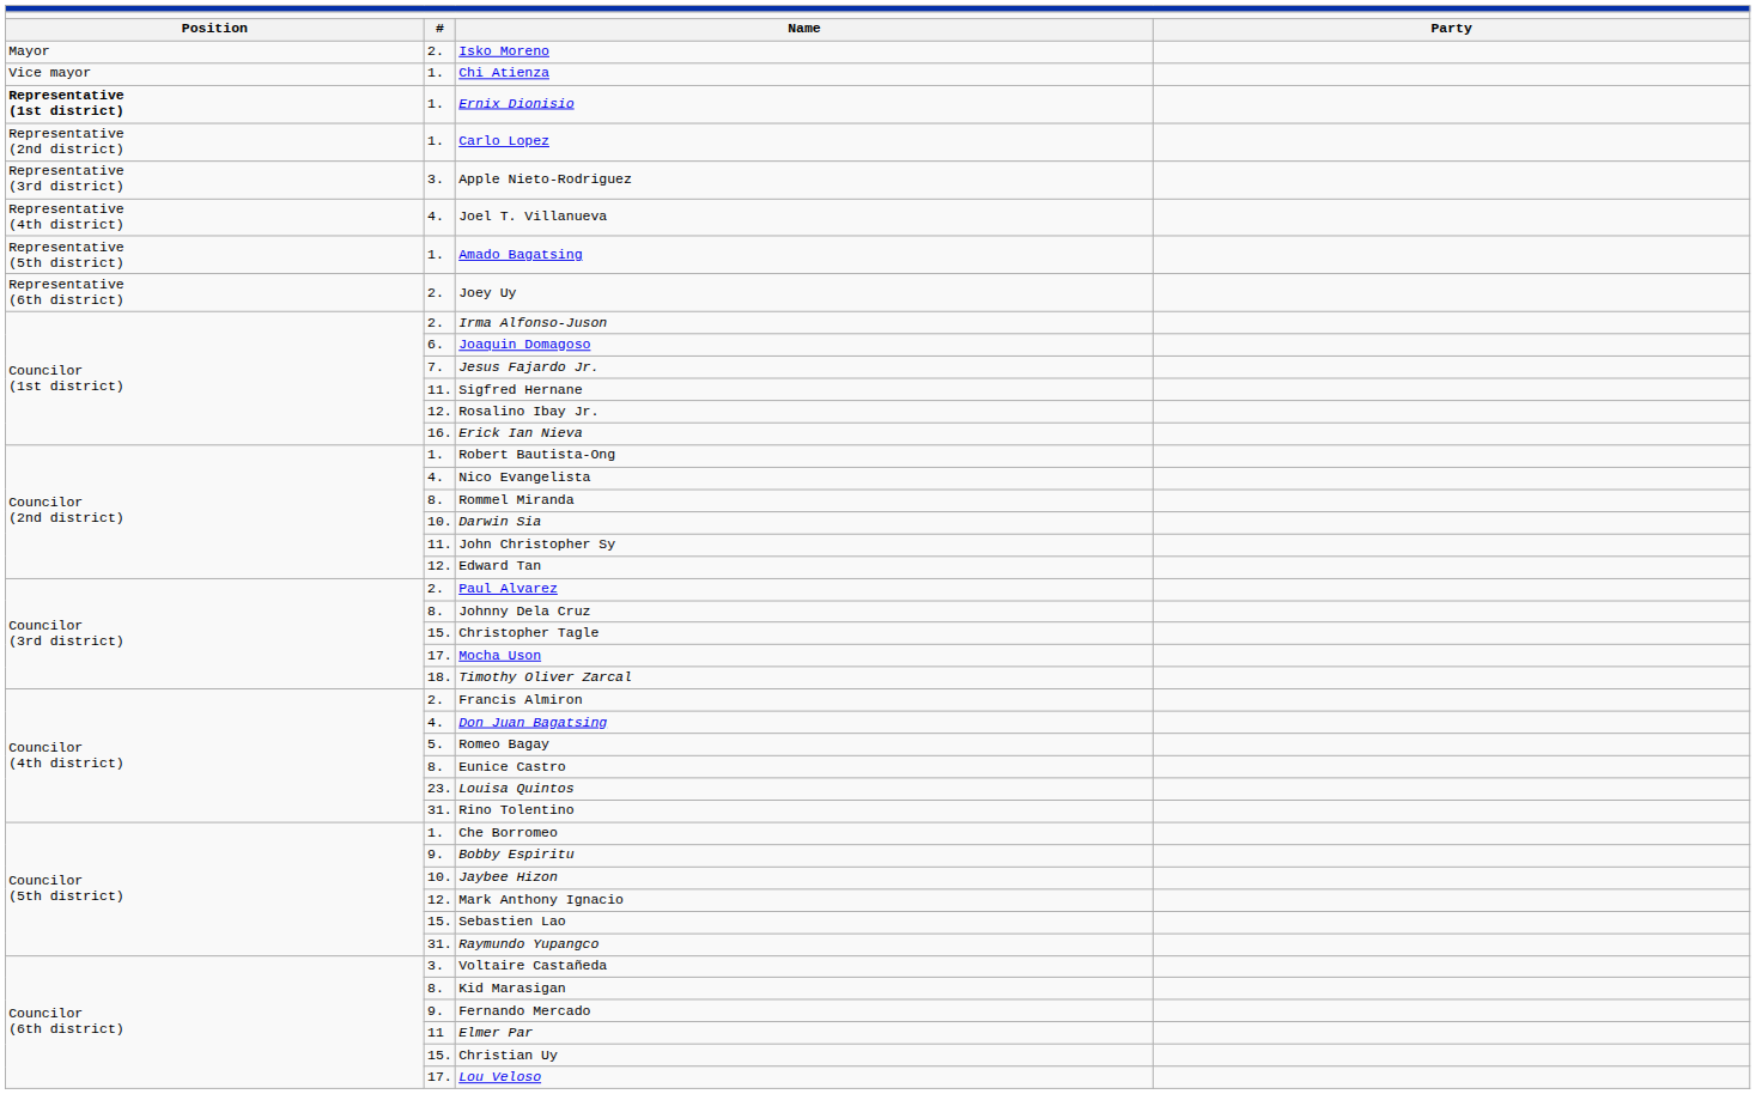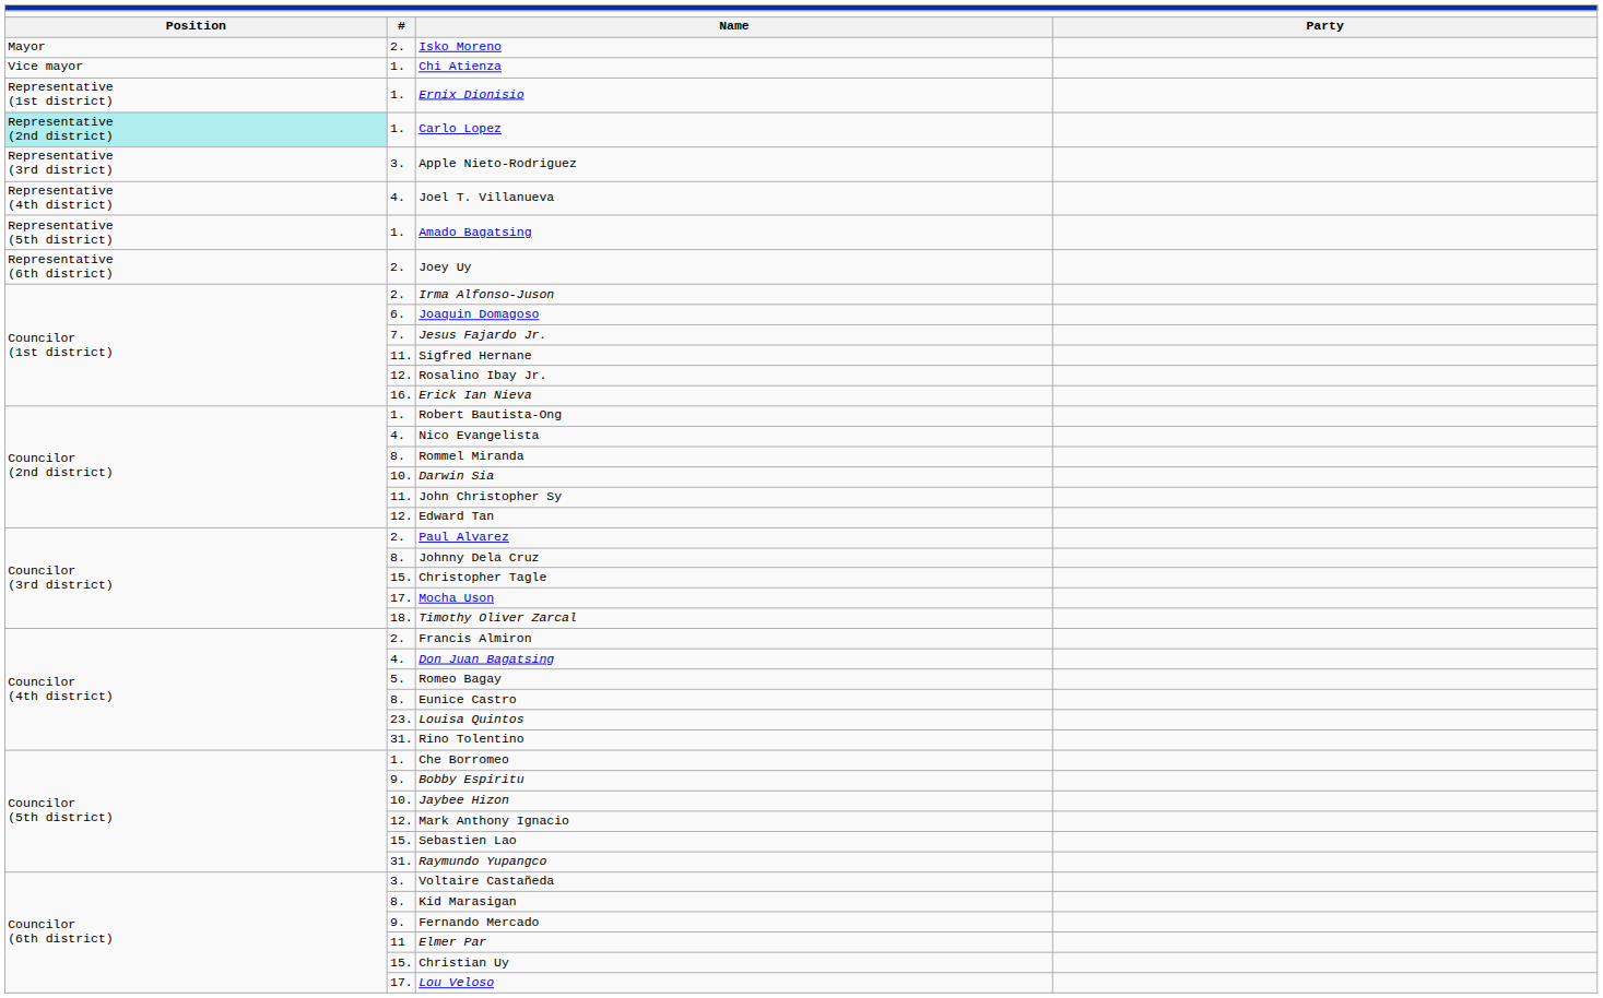 <table class=wikitable style="font-size:95%" width=99%>
 <tr>
 <td colspan="5" bgcolor="#0430a9"></td>
 </tr>
 <tr>
 <td colspan="5"></td>
 </tr>
 <tr>
 <th width=24%>Position</th>
 <th width=1%>#</th>
 <th width=40%>Name</th>
 <th colspan=2>Party</th>
 </tr>
 <tr>
 <td>Mayor</td>
 <td>2.</td>
 <td><a href='#'>Isko Moreno</a></td>
 <td></td>
 </tr>
 <tr>
 <td>Vice mayor</td>
 <td>1.</td>
 <td><a href='#'>Chi Atienza</a></td>
 <td></td>
 </tr>
 <tr>
-<td><strong>Representative<br>(1st district)</strong></td>
+<td>Representative<br>(1st district)</td>
 <td>1.</td>
 <td><em><a href='#'>Ernix Dionisio</a></em></td>
 <td></td>
 </tr>
 <tr>
-<td>Representative<br>(2nd district)</td>
+<td style="background: paleturquoise;">Representative<br>(2nd district)</td>
 <td>1.</td>
 <td><a href='#'>Carlo Lopez</a></td>
 <td></td>
 </tr>
 <tr>
 <td>Representative<br>(3rd district)</td>
 <td>3.</td>
 <td>Apple Nieto-Rodriguez</td>
 <td></td>
 </tr>
 <tr>
 <td>Representative<br>(4th district)</td>
 <td>4.</td>
 <td>Joel T. Villanueva</td>
 <td></td>
 </tr>
 <tr>
 <td>Representative<br>(5th district)</td>
 <td>1.</td>
 <td><a href='#'>Amado Bagatsing</a></td>
 <td></td>
 </tr>
 <tr>
 <td>Representative<br>(6th district)</td>
 <td>2.</td>
 <td>Joey Uy</td>
 <td></td>
 </tr>
 <tr>
 <td rowspan="6">Councilor<br>(1st district)</td>
 <td>2.</td>
 <td><em>Irma Alfonso-Juson</em></td>
 <td></td>
 </tr>
 <tr>
 <td>6.</td>
 <td><a href='#'>Joaquin Domagoso</a></td>
 <td></td>
 </tr>
 <tr>
 <td>7.</td>
 <td><em>Jesus Fajardo Jr.</em></td>
 <td></td>
 </tr>
 <tr>
 <td>11.</td>
 <td>Sigfred Hernane</td>
 <td></td>
 </tr>
 <tr>
 <td>12.</td>
 <td>Rosalino Ibay Jr.</td>
 <td></td>
 </tr>
 <tr>
 <td>16.</td>
 <td><em>Erick Ian Nieva</em></td>
 <td></td>
 </tr>
 <tr>
 <td rowspan="6">Councilor<br>(2nd district)</td>
 <td>1.</td>
 <td>Robert Bautista-Ong</td>
 <td></td>
 </tr>
 <tr>
 <td>4.</td>
 <td>Nico Evangelista</td>
 <td></td>
 </tr>
 <tr>
 <td>8.</td>
 <td>Rommel Miranda</td>
 <td></td>
 </tr>
 <tr>
 <td>10.</td>
 <td><em>Darwin Sia</em></td>
 <td></td>
 </tr>
 <tr>
 <td>11.</td>
 <td>John Christopher Sy</td>
 <td></td>
 </tr>
 <tr>
 <td>12.</td>
 <td>Edward Tan</td>
 <td></td>
 </tr>
 <tr>
 <td rowspan="5">Councilor<br>(3rd district)</td>
 <td>2.</td>
 <td><a href='#'>Paul Alvarez</a></td>
 <td></td>
 </tr>
 <tr>
 <td>8.</td>
 <td>Johnny Dela Cruz</td>
 <td></td>
 </tr>
 <tr>
 <td>15.</td>
 <td>Christopher Tagle</td>
 <td></td>
 </tr>
 <tr>
 <td>17.</td>
 <td><a href='#'>Mocha Uson</a></td>
 <td></td>
 </tr>
 <tr>
 <td>18.</td>
 <td><em>Timothy Oliver Zarcal</em></td>
 <td></td>
 </tr>
 <tr>
 <td rowspan="6">Councilor<br>(4th district)</td>
 <td>2.</td>
 <td>Francis Almiron</td>
 <td></td>
 </tr>
 <tr>
 <td>4.</td>
 <td><em><a href='#'>Don Juan Bagatsing</a></em></td>
 <td></td>
 </tr>
 <tr>
 <td>5.</td>
 <td>Romeo Bagay</td>
 <td></td>
 </tr>
 <tr>
 <td>8.</td>
 <td>Eunice Castro</td>
 <td></td>
 </tr>
 <tr>
 <td>23.</td>
 <td><em>Louisa Quintos</em></td>
 <td></td>
 </tr>
 <tr>
 <td>31.</td>
 <td>Rino Tolentino</td>
 <td></td>
 </tr>
 <tr>
 <td rowspan="6">Councilor<br>(5th district)</td>
 <td>1.</td>
 <td>Che Borromeo</td>
 <td></td>
 </tr>
 <tr>
 <td>9.</td>
 <td><em>Bobby Espiritu</em></td>
 <td></td>
 </tr>
 <tr>
 <td>10.</td>
 <td><em>Jaybee Hizon</em></td>
 <td></td>
 </tr>
 <tr>
 <td>12.</td>
 <td>Mark Anthony Ignacio</td>
 <td></td>
 </tr>
 <tr>
 <td>15.</td>
 <td>Sebastien Lao</td>
 <td></td>
 </tr>
 <tr>
 <td>31.</td>
 <td><em>Raymundo Yupangco</em></td>
 <td></td>
 </tr>
 <tr>
 <td rowspan="6">Councilor<br>(6th district)</td>
 <td>3.</td>
 <td>Voltaire Castañeda</td>
 <td></td>
 </tr>
 <tr>
 <td>8.</td>
 <td>Kid Marasigan</td>
 <td></td>
 </tr>
 <tr>
 <td>9.</td>
 <td>Fernando Mercado</td>
 <td></td>
 </tr>
 <tr>
 <td>11</td>
 <td><em>Elmer Par</em></td>
 <td></td>
 </tr>
 <tr>
 <td>15.</td>
 <td>Christian Uy</td>
 <td></td>
 </tr>
 <tr>
 <td>17.</td>
 <td><em><a href='#'>Lou Veloso</a></em></td>
 <td></td>
 </tr>
 </table>
